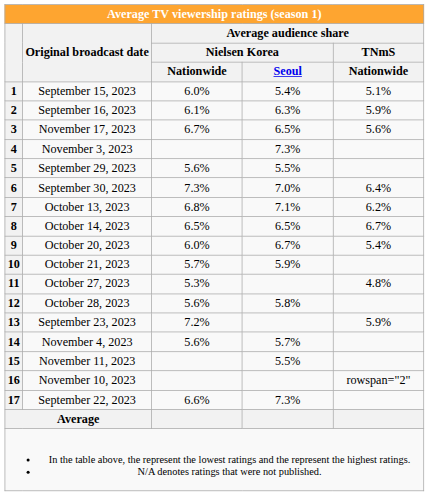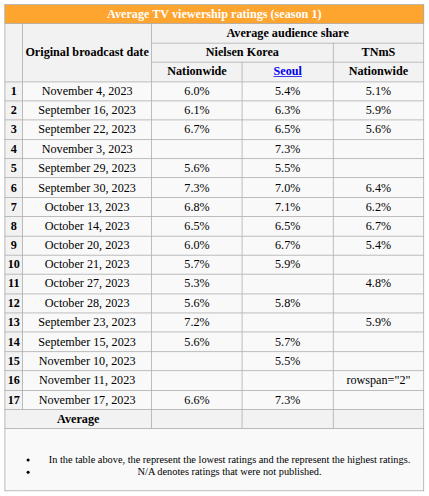 <table role="presentation" class="wikitable mw-collapsible mw-collapsed" style="text-align:center; max-width:600px; margin-left:auto; margin-right:auto">
 <tr>
 <th colspan="5" style="background:#FEA530; color:white">Average TV viewership ratings (season 1)</th>
 </tr>
 <tr>
 <th scope="col" rowspan="3"></th>
 <th scope="col" rowspan="3">Original broadcast date</th>
 <th scope="col" colspan="3">Average audience share</th>
 </tr>
 <tr>
 <th scope="col" colspan="2">Nielsen Korea</th>
 <th scope="col">TNmS</th>
 </tr>
 <tr>
 <th scope="col" style="width:7em">Nationwide</th>
 <th scope="col" style="width:7em"><a href='#'>Seoul</a></th>
 <th scope="col" style="width:7em">Nationwide</th>
 </tr>
 <tr>
 <th scope"row">1</th>
-<td>September 15, 2023</td>
+<td>November 4, 2023</td>
 <td>6.0% </td>
 <td>5.4% </td>
 <td>5.1% </td>
 </tr>
 <tr>
 <th scope"row">2</th>
 <td>September 16, 2023</td>
 <td>6.1% </td>
 <td>6.3% </td>
 <td>5.9% </td>
 </tr>
 <tr>
 <th scope"row">3</th>
-<td>November 17, 2023</td>
+<td>September 22, 2023</td>
 <td>6.7% </td>
 <td>6.5% </td>
 <td>5.6% </td>
 </tr>
 <tr>
 <th scope"row">4</th>
 <td>November 3, 2023</td>
 <td><strong></strong> </td>
 <td>7.3% </td>
 <td><strong></strong> </td>
 </tr>
 <tr>
 <th scope"row">5</th>
 <td>September 29, 2023</td>
 <td>5.6% </td>
 <td>5.5% </td>
 <td></td>
 </tr>
 <tr>
 <th scope"row">6</th>
 <td>September 30, 2023</td>
 <td>7.3% </td>
 <td>7.0% </td>
 <td>6.4% </td>
 </tr>
 <tr>
 <th scope"row">7</th>
 <td>October 13, 2023</td>
 <td>6.8% </td>
 <td>7.1% </td>
 <td>6.2% </td>
 </tr>
 <tr>
 <th scope"row">8</th>
 <td>October 14, 2023</td>
 <td>6.5% </td>
 <td>6.5% </td>
 <td>6.7% </td>
 </tr>
 <tr>
 <th scope"row">9</th>
 <td>October 20, 2023</td>
 <td>6.0% </td>
 <td>6.7% </td>
 <td>5.4% </td>
 </tr>
 <tr>
 <th scope"row">10</th>
 <td>October 21, 2023</td>
 <td>5.7% </td>
 <td>5.9% </td>
 <td></td>
 </tr>
 <tr>
 <th scope"row">11</th>
 <td>October 27, 2023</td>
 <td>5.3% </td>
 <td><strong></strong> </td>
 <td>4.8% </td>
 </tr>
 <tr>
 <th scope"row">12</th>
 <td>October 28, 2023</td>
 <td>5.6% </td>
 <td>5.8% </td>
 <td></td>
 </tr>
 <tr>
 <th scope"row">13</th>
 <td>September 23, 2023</td>
 <td>7.2% </td>
 <td><strong></strong> </td>
 <td>5.9% </td>
 </tr>
 <tr>
 <th scope"row">14</th>
-<td>November 4, 2023</td>
+<td>September 15, 2023</td>
 <td>5.6% </td>
 <td>5.7% </td>
 <td></td>
 </tr>
 <tr>
 <th scope"row">15</th>
-<td>November 11, 2023</td>
+<td>November 10, 2023</td>
 <td><strong></strong> </td>
 <td>5.5% </td>
 <td><strong></strong> </td>
 </tr>
 <tr>
 <th scope"row">16</th>
-<td>November 10, 2023</td>
+<td>November 11, 2023</td>
 <td><strong></strong> </td>
 <td><strong></strong> </td>
 <td>rowspan="2" </td>
 </tr>
 <tr>
 <th scope"row">17</th>
-<td>September 22, 2023</td>
+<td>November 17, 2023</td>
 <td>6.6% </td>
 <td>7.3% </td>
 </tr>
 <tr>
 <th scope="col" colspan="2">Average</th>
 <th scope="col"></th>
 <th scope="col"></th>
 <th scope="col"></th>
 </tr>
 <tr>
 <td colspan="5" style="font-size:85%"><br><ul><li>In the table above, the <strong></strong> represent the lowest ratings and the <strong></strong> represent the highest ratings.</li><li>N/A denotes ratings that were not published.</li></ul></td>
 </tr>
 </table>
